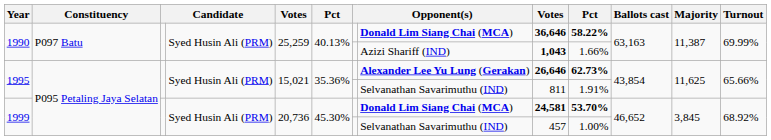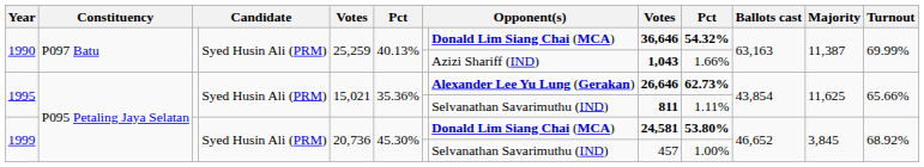 <table class="wikitable" style="margin:0.5em ; font-size:95%">
 <tr>
 <th>Year</th>
 <th>Constituency</th>
 <th colspan=2>Candidate</th>
 <th>Votes</th>
 <th>Pct</th>
 <th colspan=2>Opponent(s)</th>
 <th>Votes</th>
 <th>Pct</th>
 <th>Ballots cast</th>
 <th>Majority</th>
 <th>Turnout</th>
 </tr>
 <tr>
 <td rowspan=2><a href='#'>1990</a></td>
 <td rowspan=2>P097 <a href='#'>Batu</a></td>
 <td rowspan=2 bgcolor=></td>
 <td rowspan=2>Syed Husin Ali (<a href='#'>PRM</a>)</td>
 <td rowspan=2 align=right>25,259</td>
 <td rowspan=2>40.13%</td>
 <td></td>
 <td><strong><a href='#'>Donald Lim Siang Chai</a></strong> (<a href='#'><strong>MCA</strong></a>)</td>
 <td align=right><strong>36,646</strong></td>
-<td><strong>58.22%</strong></td>
+<td><strong>54.32%</strong></td>
 <td rowspan=2>63,163</td>
 <td rowspan=2>11,387</td>
 <td rowspan=2>69.99%</td>
 </tr>
 <tr>
 <td></td>
 <td>Azizi Shariff (<a href='#'>IND</a>)</td>
 <td align=right><strong>1,043</strong></td>
 <td align=right>1.66%</td>
 </tr>
 <tr>
 <td rowspan=2><a href='#'>1995</a></td>
 <td rowspan=4>P095 <a href='#'>Petaling Jaya Selatan</a></td>
 <td rowspan=2 bgcolor=></td>
 <td rowspan=2>Syed Husin Ali (<a href='#'>PRM</a>)</td>
 <td rowspan=2 align=right>15,021</td>
 <td rowspan=2>35.36%</td>
 <td></td>
 <td><strong><a href='#'>Alexander Lee Yu Lung</a></strong> (<a href='#'><strong>Gerakan</strong></a>)</td>
 <td align=right><strong>26,646</strong></td>
 <td><strong>62.73%</strong></td>
 <td rowspan=2>43,854</td>
 <td rowspan=2>11,625</td>
 <td rowspan=2>65.66%</td>
 </tr>
 <tr>
 <td></td>
 <td>Selvanathan Savarimuthu (<a href='#'>IND</a>)</td>
-<td align=right>811</td>
-<td align=right>1.91%</td>
+<td align=right><strong>811</strong></td>
+<td align=right>1.11%</td>
 </tr>
 <tr>
 <td rowspan=2><a href='#'>1999</a></td>
 <td rowspan=2 bgcolor=></td>
 <td rowspan=2>Syed Husin Ali (<a href='#'>PRM</a>)</td>
 <td rowspan=2 align=right>20,736</td>
 <td rowspan=2>45.30%</td>
 <td></td>
 <td><strong><a href='#'>Donald Lim Siang Chai</a></strong> (<a href='#'><strong>MCA</strong></a>)</td>
 <td align=right><strong>24,581</strong></td>
-<td><strong>53.70%</strong></td>
+<td><strong>53.80%</strong></td>
 <td rowspan=2>46,652</td>
 <td rowspan=2>3,845</td>
 <td rowspan=2>68.92%</td>
 </tr>
 <tr>
 <td></td>
 <td>Selvanathan Savarimuthu (<a href='#'>IND</a>)</td>
 <td align=right>457</td>
 <td align=right>1.00%</td>
 </tr>
 </table>
